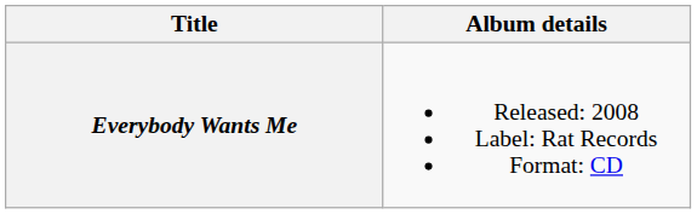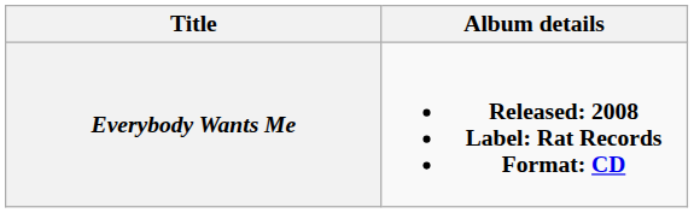 <table class="wikitable plainrowheaders" style="text-align:center;">
 <tr>
 <th scope="col" style="width:15.5em;">Title</th>
 <th scope="col" style="width:12.5em;">Album details</th>
 </tr>
 <tr>
 <th scope="row"><em>Everybody Wants Me</em></th>
-<td><br><ul><li>Released: 2008</li><li>Label: Rat Records</li><li>Format: <a href='#'>CD</a></li></ul></td>
+<td><strong><br><ul><li>Released: 2008</li><li>Label: Rat Records</li><li>Format: <a href='#'>CD</a></li></ul></strong></td>
 </tr>
 </table>
